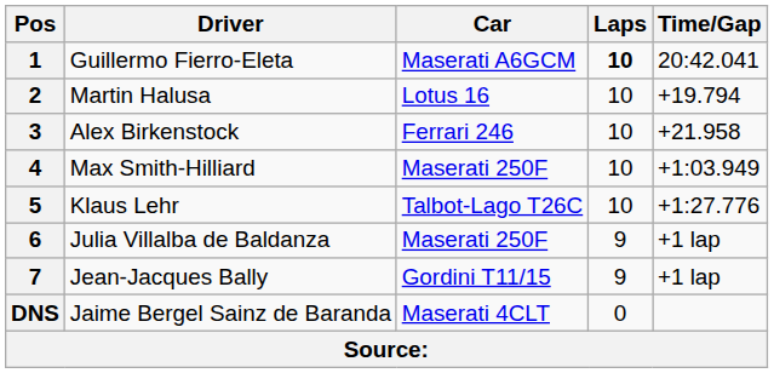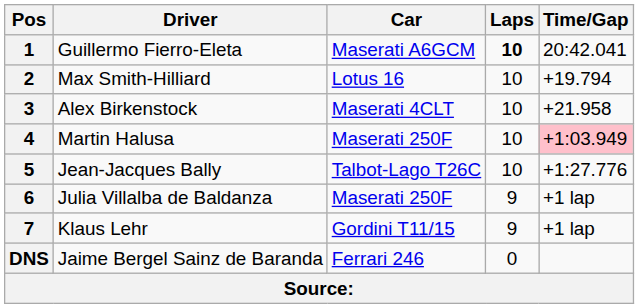 <table class="wikitable" style="font-size: 90%;">
 <tr>
 <th>Pos</th>
 <th>Driver</th>
 <th>Car</th>
 <th>Laps</th>
 <th>Time/Gap</th>
 </tr>
 <tr>
 <th>1</th>
 <td> Guillermo Fierro-Eleta</td>
 <td><a href='#'>Maserati A6GCM</a></td>
 <td align=center><strong>10</strong></td>
 <td>20:42.041</td>
 </tr>
 <tr>
 <th>2</th>
-<td> Martin Halusa</td>
+<td> Max Smith-Hilliard</td>
 <td><a href='#'>Lotus 16</a></td>
 <td align=center>10</td>
 <td>+19.794</td>
 </tr>
 <tr>
 <th>3</th>
 <td> Alex Birkenstock</td>
-<td><a href='#'>Ferrari 246</a></td>
+<td><a href='#'>Maserati 4CLT</a></td>
 <td align=center>10</td>
 <td>+21.958</td>
 </tr>
 <tr>
 <th>4</th>
-<td> Max Smith-Hilliard</td>
+<td> Martin Halusa</td>
 <td><a href='#'>Maserati 250F</a></td>
 <td align=center>10</td>
-<td>+1:03.949</td>
+<td style="background: pink;">+1:03.949</td>
 </tr>
 <tr>
 <th>5</th>
-<td> Klaus Lehr</td>
+<td> Jean-Jacques Bally</td>
 <td><a href='#'>Talbot-Lago T26C</a></td>
 <td align=center>10</td>
 <td>+1:27.776</td>
 </tr>
 <tr>
 <th>6</th>
 <td> Julia Villalba de Baldanza</td>
 <td><a href='#'>Maserati 250F</a></td>
 <td align=center>9</td>
 <td>+1 lap</td>
 </tr>
 <tr>
 <th>7</th>
-<td> Jean-Jacques Bally</td>
+<td> Klaus Lehr</td>
 <td><a href='#'>Gordini T11/15</a></td>
 <td align=center>9</td>
 <td>+1 lap</td>
 </tr>
 <tr>
 <th>DNS</th>
 <td> Jaime Bergel Sainz de Baranda</td>
-<td><a href='#'>Maserati 4CLT</a></td>
+<td><a href='#'>Ferrari 246</a></td>
 <td align=center>0</td>
 <td></td>
 </tr>
 <tr>
 <th colspan=5>Source:</th>
 </tr>
 </table>
